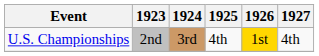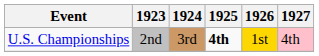 <table class="wikitable">
 <tr>
 <th>Event</th>
 <th>1923</th>
 <th>1924</th>
 <th>1925</th>
 <th>1926</th>
 <th>1927</th>
 </tr>
 <tr>
 <td><a href='#'>U.S. Championships</a></td>
 <td align="center" bgcolor="silver">2nd</td>
 <td align="center" bgcolor="cc9966">3rd</td>
-<td>4th</td>
+<td><strong>4th</strong></td>
 <td align="center" bgcolor="gold">1st</td>
-<td>4th</td>
+<td style="background: pink;">4th</td>
 </tr>
 <tr>
 </tr>
 </table>
